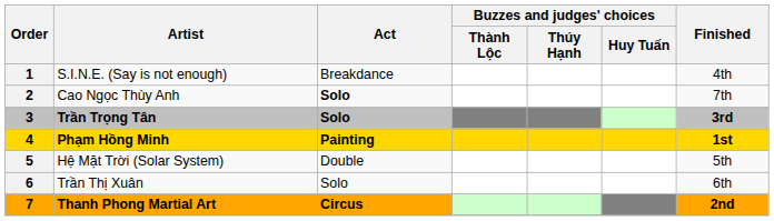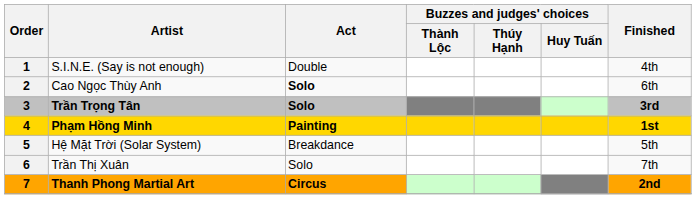 <table class=wikitable>
 <tr>
 <th rowspan=2 width=50>Order</th>
 <th rowspan=2 width=300>Artist</th>
 <th rowspan=2 width=150>Act</th>
 <th colspan=3 width=240>Buzzes and judges' choices</th>
 <th rowspan=2 width=100>Finished</th>
 </tr>
 <tr>
 <th width="80">Thành Lộc</th>
 <th width=80>Thúy Hạnh</th>
 <th width=80>Huy Tuấn</th>
 </tr>
 <tr>
 <th>1</th>
 <td>S.I.N.E. (Say is not enough)</td>
-<td>Breakdance</td>
+<td>Double</td>
 <td align=center bgcolor=white></td>
 <td align=center bgcolor=white></td>
 <td align=center bgcolor=white></td>
 <td align=center>4th</td>
 </tr>
 <tr>
 <th>2</th>
 <td>Cao Ngọc Thùy Anh</td>
 <td><strong>Solo</strong></td>
 <td align=center bgcolor=white></td>
 <td align=center bgcolor=white></td>
 <td align=center bgcolor=white></td>
-<td align=center>7th</td>
+<td align=center>6th</td>
 </tr>
 <tr>
 <td align=center bgcolor=silver><strong>3</strong></td>
 <td bgcolor=silver><strong>Trần Trọng Tân</strong></td>
 <td bgcolor=silver><strong>Solo</strong></td>
 <td align=center bgcolor=gray></td>
 <td align=center bgcolor=gray></td>
 <td align=center bgcolor="#cfc"></td>
 <td align=center bgcolor=silver><strong>3rd</strong></td>
 </tr>
 <tr>
 <td align=center bgcolor=gold><strong>4</strong></td>
 <td bgcolor=gold><strong>Phạm Hồng Minh</strong></td>
 <td bgcolor=gold><strong>Painting</strong></td>
 <td align=center bgcolor=gold></td>
 <td align=center bgcolor=gold></td>
 <td align=center bgcolor=gold></td>
 <td align=center bgcolor=gold><strong>1st</strong></td>
 </tr>
 <tr>
 <th>5</th>
 <td>Hệ Mặt Trời (Solar System)</td>
-<td>Double</td>
+<td>Breakdance</td>
 <td align=center bgcolor=white></td>
 <td align=center bgcolor=white></td>
 <td align=center bgcolor=white></td>
 <td align=center>5th</td>
 </tr>
 <tr>
 <th>6</th>
 <td>Trần Thị Xuân</td>
 <td>Solo</td>
 <td align=center bgcolor=white></td>
 <td align=center bgcolor=white></td>
 <td align=center bgcolor=white></td>
-<td align=center>6th</td>
+<td align=center>7th</td>
 </tr>
 <tr>
 <td align=center bgcolor=orange><strong>7</strong></td>
 <td bgcolor=orange><strong>Thanh Phong Martial Art</strong></td>
 <td bgcolor=orange><strong>Circus</strong></td>
 <td align=center bgcolor="#cfc"></td>
 <td align=center bgcolor="#cfc"></td>
 <td align=center bgcolor=gray></td>
 <td align=center  bgcolor=orange><strong>2nd</strong></td>
 </tr>
 <tr>
 </tr>
 </table>
